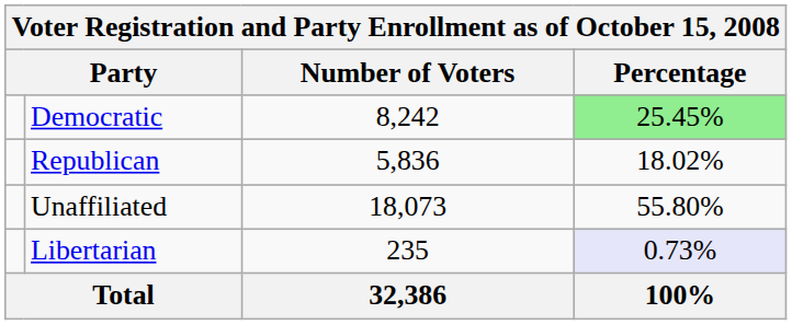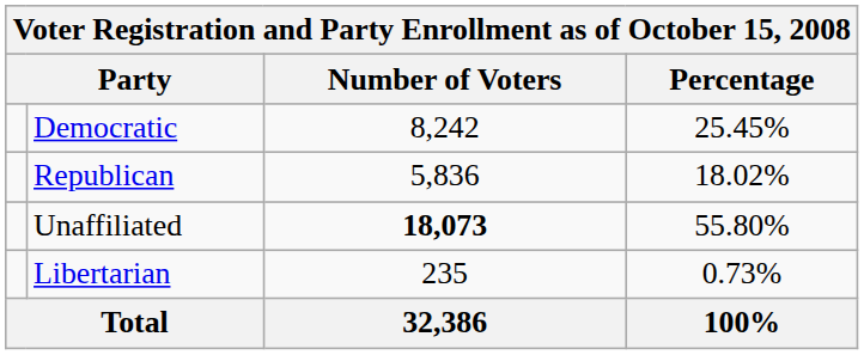 <table class=wikitable>
 <tr>
 <th colspan = 6>Voter Registration and Party Enrollment as of October 15, 2008</th>
 </tr>
 <tr>
 <th colspan = 2>Party</th>
 <th>Number of Voters</th>
 <th>Percentage</th>
 </tr>
 <tr>
 <td></td>
 <td><a href='#'>Democratic</a></td>
 <td align = center>8,242</td>
-<td align = center style="background: lightgreen;">25.45%</td>
+<td align = center>25.45%</td>
 </tr>
 <tr>
 <td></td>
 <td><a href='#'>Republican</a></td>
 <td align = center>5,836</td>
 <td align = center>18.02%</td>
 </tr>
 <tr>
 <td></td>
 <td>Unaffiliated</td>
-<td align = center>18,073</td>
+<td align = center><strong>18,073</strong></td>
 <td align = center>55.80%</td>
 </tr>
 <tr>
 <td></td>
 <td><a href='#'>Libertarian</a></td>
 <td align = center>235</td>
-<td align = center style="background: lavender;">0.73%</td>
+<td align = center>0.73%</td>
 </tr>
 <tr>
 <th colspan = 2>Total</th>
 <th align = center>32,386</th>
 <th align = center>100%</th>
 </tr>
 </table>
